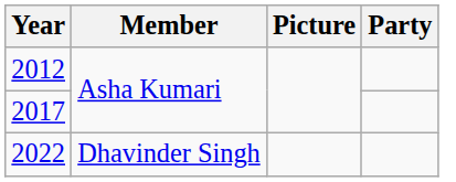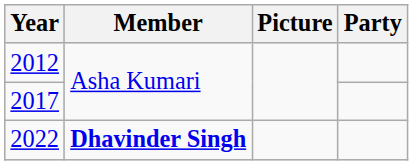 <table class="wikitable sortable">
 <tr>
 <th>Year</th>
 <th>Member</th>
 <th>Picture</th>
 <th colspan="2">Party</th>
 </tr>
 <tr>
 <td><a href='#'>2012</a></td>
 <td rowspan=2><a href='#'>Asha Kumari</a></td>
 <td rowspan=2></td>
 <td></td>
 </tr>
 <tr>
 <td><a href='#'>2017</a></td>
 </tr>
 <tr>
 <td><a href='#'>2022</a></td>
-<td><a href='#'>Dhavinder Singh</a></td>
+<td><strong><a href='#'>Dhavinder Singh</a></strong></td>
 <td></td>
 <td></td>
 </tr>
 </table>
